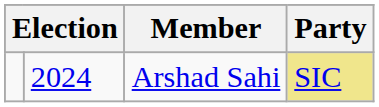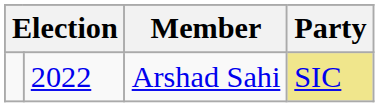 <table class="wikitable">
 <tr>
 <th colspan="2">Election</th>
 <th>Member</th>
 <th>Party</th>
 </tr>
 <tr>
 <td style="background-color: "></td>
-<td><a href='#'>2024</a></td>
+<td><a href='#'>2022</a></td>
 <td><a href='#'>Arshad Sahi</a></td>
 <td style="background: khaki;"><a href='#'>SIC</a></td>
 </tr>
 </table>
